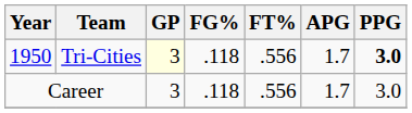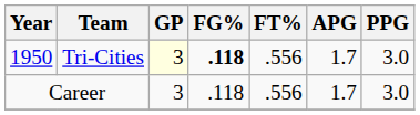 <table class="wikitable sortable" style="font-size:95%; text-align:right;">
 <tr>
 <th>Year</th>
 <th>Team</th>
 <th>GP</th>
 <th>FG%</th>
 <th>FT%</th>
 <th>APG</th>
 <th>PPG</th>
 </tr>
 <tr>
 <td style="text-align:left;"><a href='#'>1950</a></td>
 <td style="text-align:left;"><a href='#'>Tri-Cities</a></td>
 <td style="background: lightyellow;">3</td>
-<td>.118</td>
+<td><strong>.118</strong></td>
 <td>.556</td>
 <td>1.7</td>
-<td><strong>3.0</strong></td>
+<td>3.0</td>
 </tr>
 <tr>
 <td style="text-align:center;" colspan="2">Career</td>
 <td>3</td>
 <td>.118</td>
 <td>.556</td>
 <td>1.7</td>
 <td>3.0</td>
 </tr>
 <tr>
 </tr>
 </table>
